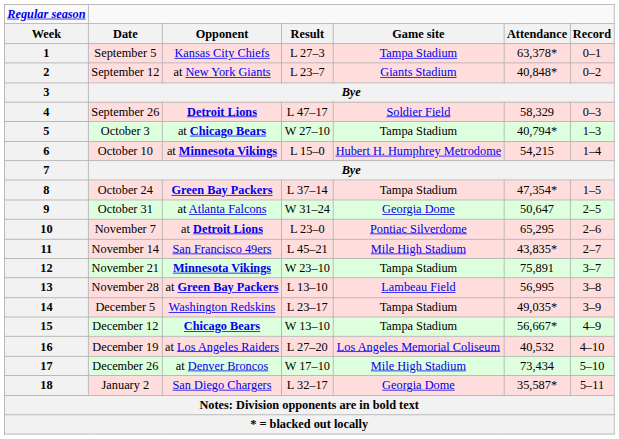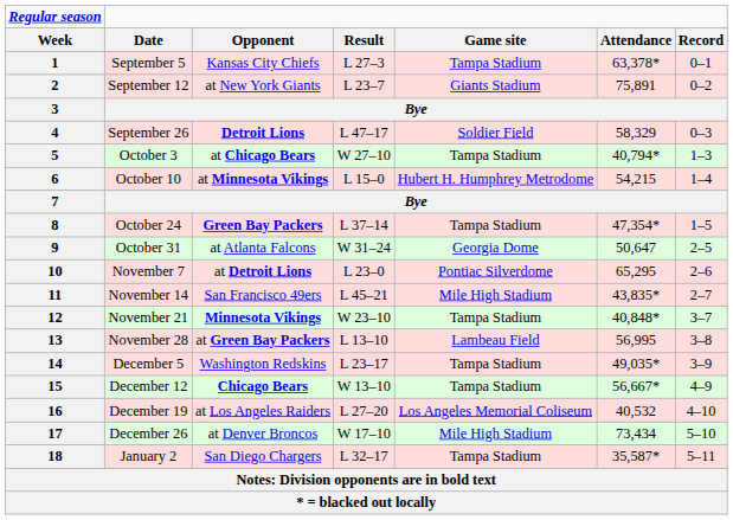 <table class="wikitable">
 <tr>
 <td><strong><em><a href='#'>Regular season</a></em></strong></td>
 </tr>
 <tr>
 <th>Week</th>
 <th>Date</th>
 <th>Opponent</th>
 <th>Result</th>
 <th>Game site</th>
 <th>Attendance</th>
 <th>Record</th>
 </tr>
 <tr style="background: #ffdddd;" align="center">
 <th>1</th>
 <td>September 5</td>
 <td><a href='#'>Kansas City Chiefs</a></td>
 <td>L 27–3</td>
 <td><a href='#'>Tampa Stadium</a></td>
 <td>63,378*</td>
 <td>0–1</td>
 </tr>
 <tr style="background: #ffdddd;" align="center">
 <th>2</th>
 <td>September 12</td>
 <td>at <a href='#'>New York Giants</a></td>
 <td>L 23–7</td>
 <td><a href='#'>Giants Stadium</a></td>
-<td>40,848*</td>
+<td>75,891</td>
 <td>0–2</td>
 </tr>
 <tr align="center">
 <th>3</th>
 <th colspan="6" align="center"><em>Bye</em></th>
 </tr>
 <tr style="background: #ffdddd;" align="center">
 <th>4</th>
 <td>September 26</td>
 <td><strong><a href='#'>Detroit Lions</a></strong></td>
 <td>L 47–17</td>
 <td><a href='#'>Soldier Field</a></td>
 <td>58,329</td>
 <td>0–3</td>
 </tr>
 <tr style="background: #ddffdd;" align="center">
 <th>5</th>
 <td>October 3</td>
 <td>at <strong><a href='#'>Chicago Bears</a></strong></td>
 <td>W 27–10</td>
 <td>Tampa Stadium</td>
 <td>40,794*</td>
 <td>1–3</td>
 </tr>
 <tr style="background: #ffdddd;" align="center">
 <th>6</th>
 <td>October 10</td>
 <td>at <strong><a href='#'>Minnesota Vikings</a></strong></td>
 <td>L 15–0</td>
 <td><a href='#'>Hubert H. Humphrey Metrodome</a></td>
 <td>54,215</td>
 <td>1–4</td>
 </tr>
 <tr align="center">
 <th>7</th>
 <th colspan="6" align="center"><em>Bye</em></th>
 </tr>
 <tr style="background: #ffdddd;" align="center">
 <th>8</th>
 <td>October 24</td>
 <td><strong><a href='#'>Green Bay Packers</a></strong></td>
 <td>L 37–14</td>
 <td>Tampa Stadium</td>
 <td>47,354*</td>
 <td>1–5</td>
 </tr>
 <tr style="background: #ddffdd;" align="center">
 <th>9</th>
 <td>October 31</td>
 <td>at <a href='#'>Atlanta Falcons</a></td>
 <td>W 31–24</td>
 <td><a href='#'>Georgia Dome</a></td>
 <td>50,647</td>
 <td>2–5</td>
 </tr>
 <tr style="background: #ffdddd;" align="center">
 <th>10</th>
 <td>November 7</td>
 <td>at <strong><a href='#'>Detroit Lions</a></strong></td>
 <td>L 23–0</td>
 <td><a href='#'>Pontiac Silverdome</a></td>
 <td>65,295</td>
 <td>2–6</td>
 </tr>
 <tr style="background: #ffdddd;" align="center">
 <th>11</th>
 <td>November 14</td>
 <td><a href='#'>San Francisco 49ers</a></td>
 <td>L 45–21</td>
 <td><a href='#'>Mile High Stadium</a></td>
 <td>43,835*</td>
 <td>2–7</td>
 </tr>
 <tr style="background: #ddffdd;" align="center">
 <th>12</th>
 <td>November 21</td>
 <td><strong><a href='#'>Minnesota Vikings</a></strong></td>
 <td>W 23–10</td>
 <td>Tampa Stadium</td>
-<td>75,891</td>
+<td>40,848*</td>
 <td>3–7</td>
 </tr>
 <tr style="background: #ffdddd;" align="center">
 <th>13</th>
 <td>November 28</td>
 <td>at <strong><a href='#'>Green Bay Packers</a></strong></td>
 <td>L 13–10</td>
 <td><a href='#'>Lambeau Field</a></td>
 <td>56,995</td>
 <td>3–8</td>
 </tr>
 <tr style="background: #ffdddd;" align="center">
 <th>14</th>
 <td>December 5</td>
 <td><a href='#'>Washington Redskins</a></td>
 <td>L 23–17</td>
 <td>Tampa Stadium</td>
 <td>49,035*</td>
 <td>3–9</td>
 </tr>
 <tr style="background: #ddffdd;" align="center">
 <th>15</th>
 <td>December 12</td>
 <td><strong><a href='#'>Chicago Bears</a></strong></td>
 <td>W 13–10</td>
 <td>Tampa Stadium</td>
 <td>56,667*</td>
 <td>4–9</td>
 </tr>
 <tr style="background: #ffdddd;" align="center">
 <th>16</th>
 <td>December 19</td>
 <td>at <a href='#'>Los Angeles Raiders</a></td>
 <td>L 27–20</td>
 <td><a href='#'>Los Angeles Memorial Coliseum</a></td>
 <td>40,532</td>
 <td>4–10</td>
 </tr>
 <tr style="background: #ddffdd;" align="center">
 <th>17</th>
 <td>December 26</td>
 <td>at <a href='#'>Denver Broncos</a></td>
 <td>W 17–10</td>
 <td><a href='#'>Mile High Stadium</a></td>
 <td>73,434</td>
 <td>5–10</td>
 </tr>
 <tr style="background: #ffdddd;" align="center">
 <th>18</th>
 <td>January 2</td>
 <td><a href='#'>San Diego Chargers</a></td>
 <td>L 32–17</td>
-<td><a href='#'>Georgia Dome</a></td>
+<td>Tampa Stadium</td>
 <td>35,587*</td>
 <td>5–11</td>
 </tr>
 <tr>
 <th colspan="7"><strong>Notes</strong>: Division opponents are in <strong>bold</strong> text</th>
 </tr>
 <tr>
 <th colspan="7">* = blacked out locally</th>
 </tr>
 </table>
